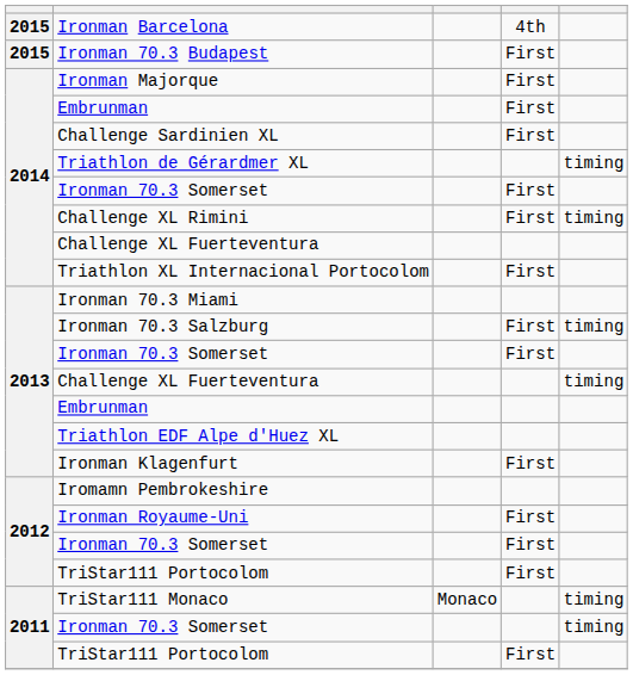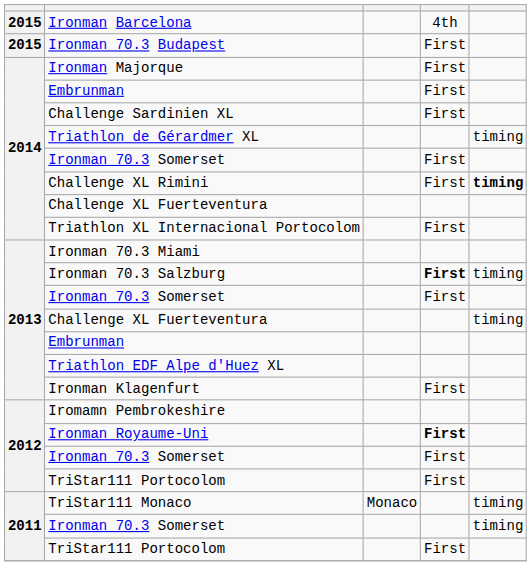 <table class="wikitable ">
 <tr>
 <th scope=col></th>
 <th scope=col></th>
 <th Scope=col></th>
 <th Scope=col></th>
 <th scope=col></th>
 </tr>
 <tr>
 <th scope=row; align=center;>2015</th>
 <td><a href='#'>Ironman</a> <a href='#'>Barcelona</a></td>
 <td></td>
 <td align=center>4th</td>
 <td></td>
 </tr>
 <tr>
 <th scope=row; align=center;>2015</th>
 <td><a href='#'>Ironman 70.3</a> <a href='#'>Budapest</a></td>
 <td></td>
 <td align=center>First</td>
 <td></td>
 </tr>
 <tr>
 <th scope=row; align=center; rowspan="8">2014</th>
 <td><a href='#'>Ironman</a> Majorque</td>
 <td></td>
 <td align=center>First</td>
 <td></td>
 </tr>
 <tr>
 <td><a href='#'>Embrunman</a></td>
 <td></td>
 <td align=center>First</td>
 <td></td>
 </tr>
 <tr>
 <td>Challenge Sardinien XL</td>
 <td></td>
 <td align=center>First</td>
 <td></td>
 </tr>
 <tr>
 <td><a href='#'>Triathlon de Gérardmer</a> XL</td>
 <td></td>
 <td align=center></td>
 <td>timing</td>
 </tr>
 <tr>
 <td><a href='#'>Ironman 70.3</a> Somerset</td>
 <td></td>
 <td align=center>First</td>
 <td></td>
 </tr>
 <tr>
 <td>Challenge XL Rimini</td>
 <td></td>
 <td align=center>First</td>
-<td>timing</td>
+<td><strong>timing</strong></td>
 </tr>
 <tr>
 <td>Challenge XL Fuerteventura</td>
 <td></td>
 <td align=center></td>
 <td></td>
 </tr>
 <tr>
 <td>Triathlon XL Internacional Portocolom</td>
 <td></td>
 <td align=center>First</td>
 <td></td>
 </tr>
 <tr>
 <th scope=row; align=center; rowspan="7">2013</th>
 <td>Ironman 70.3 Miami</td>
 <td></td>
 <td align=center></td>
 <td></td>
 </tr>
 <tr>
 <td>Ironman 70.3 Salzburg</td>
 <td></td>
-<td align=center>First</td>
+<td align=center><strong>First</strong></td>
 <td>timing</td>
 </tr>
 <tr>
 <td><a href='#'>Ironman 70.3</a> Somerset</td>
 <td></td>
 <td align=center>First</td>
 <td></td>
 </tr>
 <tr>
 <td>Challenge XL Fuerteventura</td>
 <td></td>
 <td align=center></td>
 <td>timing</td>
 </tr>
 <tr>
 <td><a href='#'>Embrunman</a></td>
 <td></td>
 <td align=center></td>
 <td></td>
 </tr>
 <tr>
 <td><a href='#'>Triathlon EDF Alpe d'Huez</a> XL</td>
 <td></td>
 <td align=center></td>
 <td></td>
 </tr>
 <tr>
 <td>Ironman Klagenfurt</td>
 <td></td>
 <td align=center>First</td>
 <td></td>
 </tr>
 <tr>
 <th scope=row; align=center; rowspan="4">2012</th>
 <td>Iromamn Pembrokeshire</td>
 <td></td>
 <td align=center></td>
 <td></td>
 </tr>
 <tr>
 <td><a href='#'>Ironman Royaume-Uni</a></td>
 <td></td>
-<td align=center>First</td>
+<td align=center><strong>First</strong></td>
 <td></td>
 </tr>
 <tr>
 <td><a href='#'>Ironman 70.3</a> Somerset</td>
 <td></td>
 <td align=center>First</td>
 <td></td>
 </tr>
 <tr>
 <td>TriStar111 Portocolom</td>
 <td></td>
 <td align=center>First</td>
 <td></td>
 </tr>
 <tr>
 <th scope=row; align=center; rowspan="3">2011</th>
 <td>TriStar111 Monaco</td>
 <td>Monaco</td>
 <td align=center></td>
 <td>timing</td>
 </tr>
 <tr>
 <td><a href='#'>Ironman 70.3</a> Somerset</td>
 <td></td>
 <td align=center></td>
 <td>timing</td>
 </tr>
 <tr>
 <td>TriStar111 Portocolom</td>
 <td></td>
 <td align=center>First</td>
 <td></td>
 </tr>
 <tr>
 </tr>
 </table>
